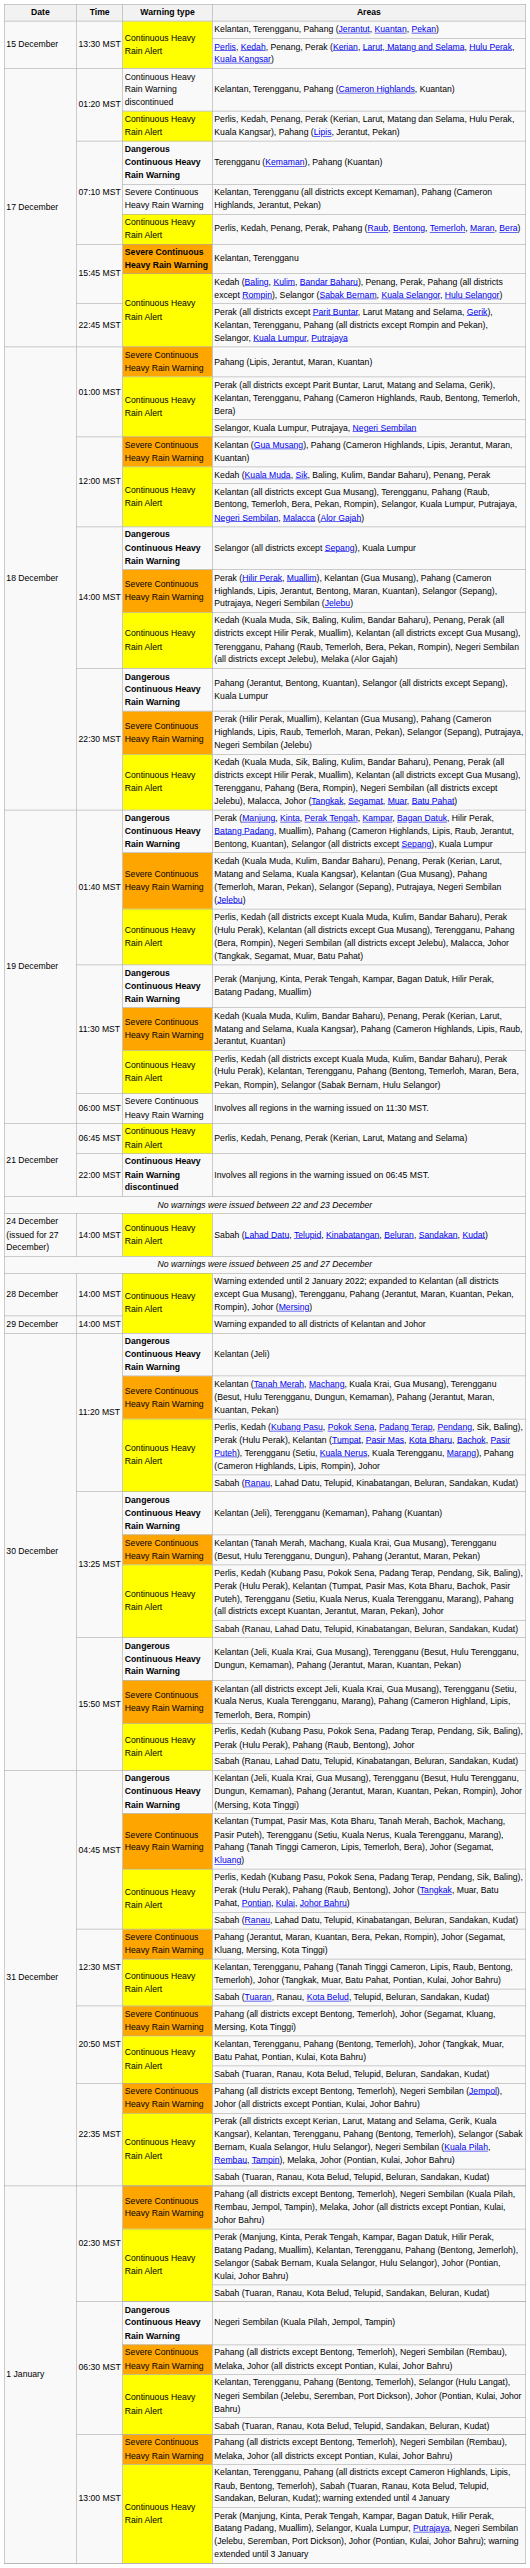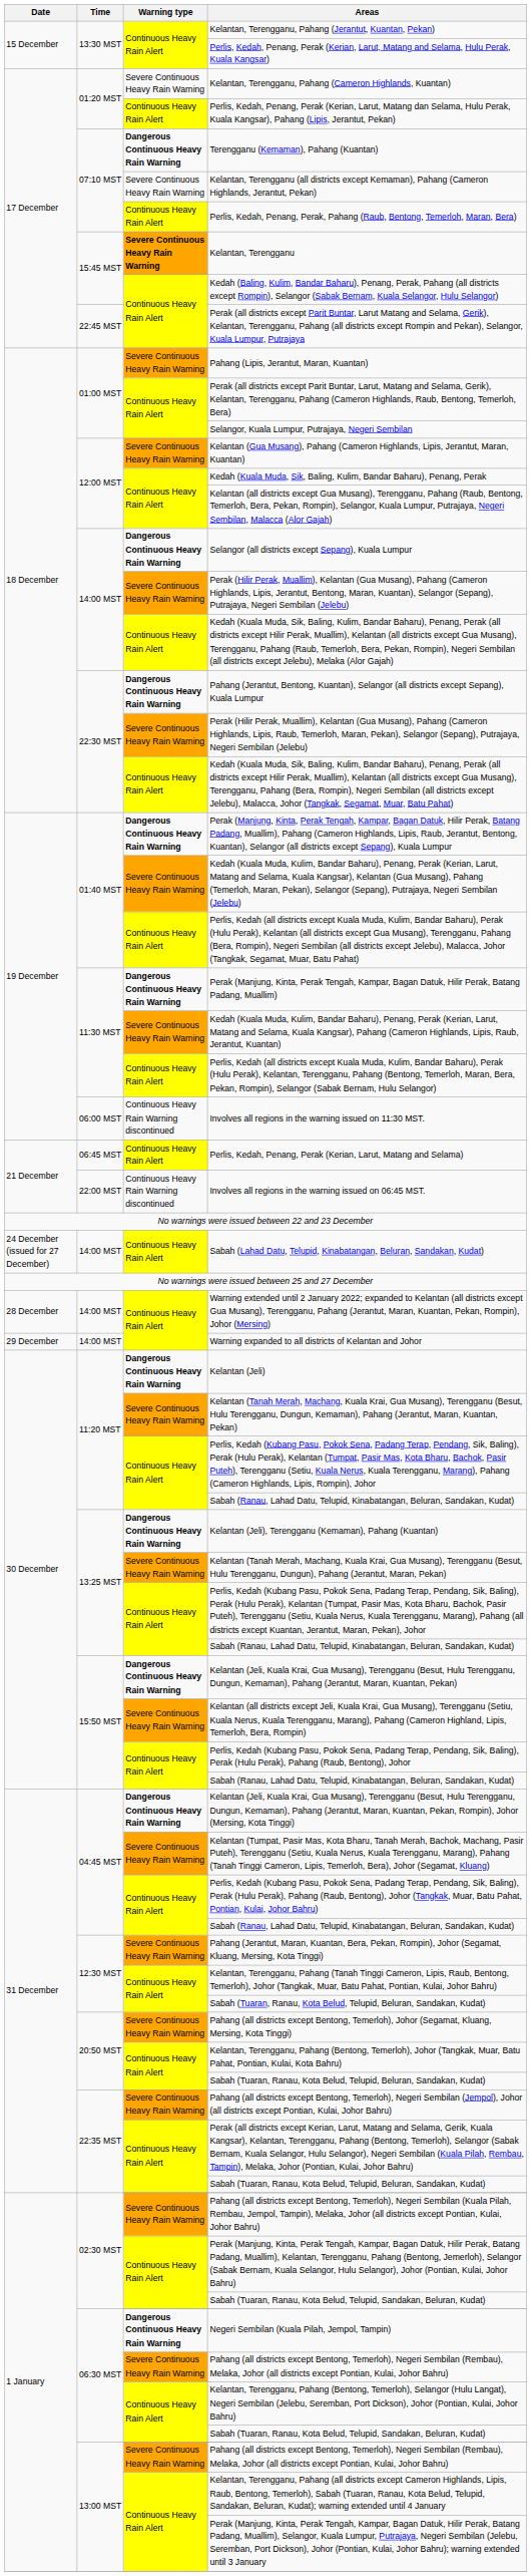 <table class="wikitable collapsible" style="text-align:left; line-height:1.5em; font-size:90% ">
 <tr>
 <th scope="col">Date</th>
 <th scope="col">Time</th>
 <th scope="col">Warning type</th>
 <th scope="col" style="text-align:center;">Areas</th>
 </tr>
 <tr>
 <td rowspan=2>15 December</td>
 <td rowspan=2>13:30 MST</td>
 <td rowspan="2" style="background-color:#FFFF00">Continuous Heavy Rain Alert</td>
 <td>Kelantan, Terengganu, Pahang (<a href='#'>Jerantut</a>, <a href='#'>Kuantan</a>, <a href='#'>Pekan</a>)</td>
 </tr>
 <tr>
 <td><a href='#'>Perlis</a>, <a href='#'>Kedah</a>, Penang, Perak (<a href='#'>Kerian</a>, <a href='#'>Larut, Matang and Selama</a>, <a href='#'>Hulu Perak</a>, <a href='#'>Kuala Kangsar</a>)</td>
 </tr>
 <tr>
 <td rowspan=8>17 December</td>
 <td rowspan=2>01:20 MST</td>
-<td style="background-color:#">Continuous Heavy Rain Warning discontinued</td>
+<td rowspan="1" style="background-color:#">Severe Continuous Heavy Rain Warning</td>
 <td>Kelantan, Terengganu, Pahang (<a href='#'>Cameron Highlands</a>, Kuantan)</td>
 </tr>
 <tr>
 <td rowspan="1" style="background-color:yellow">Continuous Heavy Rain Alert</td>
 <td>Perlis, Kedah, Penang, Perak (Kerian, Larut, Matang dan Selama, Hulu Perak, Kuala Kangsar), Pahang (<a href='#'>Lipis</a>, Jerantut, Pekan)</td>
 </tr>
 <tr>
 <td rowspan=3>07:10 MST</td>
 <td rowspan="1" style="background-color:#"><strong>Dangerous Continuous Heavy Rain Warning</strong></td>
 <td>Terengganu (<a href='#'>Kemaman</a>), Pahang (Kuantan)</td>
 </tr>
 <tr>
 <td rowspan="1" style="background-color:#">Severe Continuous Heavy Rain Warning</td>
 <td>Kelantan, Terengganu (all districts except Kemaman), Pahang (Cameron Highlands, Jerantut, Pekan)</td>
 </tr>
 <tr>
 <td rowspan="1" style="background-color:yellow">Continuous Heavy Rain Alert</td>
 <td>Perlis, Kedah, Penang, Perak, Pahang (<a href='#'>Raub</a>, <a href='#'>Bentong</a>, <a href='#'>Temerloh</a>, <a href='#'>Maran</a>, <a href='#'>Bera</a>)</td>
 </tr>
 <tr>
 <td rowspan=2>15:45 MST</td>
 <td rowspan="1" style="background-color:orange"><strong>Severe Continuous Heavy Rain Warning</strong></td>
 <td>Kelantan, Terengganu</td>
 </tr>
 <tr>
 <td rowspan="2" style="background-color:yellow">Continuous Heavy Rain Alert</td>
 <td>Kedah (<a href='#'>Baling</a>, <a href='#'>Kulim</a>, <a href='#'>Bandar Baharu</a>), Penang, Perak, Pahang (all districts except <a href='#'>Rompin</a>), Selangor (<a href='#'>Sabak Bernam</a>, <a href='#'>Kuala Selangor</a>, <a href='#'>Hulu Selangor</a>)</td>
 </tr>
 <tr>
 <td rowspan=1>22:45 MST</td>
 <td>Perak (all districts except <a href='#'>Parit Buntar</a>, Larut Matang and Selama, <a href='#'>Gerik</a>), Kelantan, Terengganu, Pahang (all districts except Rompin and Pekan), Selangor, <a href='#'>Kuala Lumpur</a>, <a href='#'>Putrajaya</a></td>
 </tr>
 <tr>
 <td rowspan=12>18 December</td>
 <td rowspan="3">01:00 MST</td>
 <td style="background-color:orange">Severe Continuous Heavy Rain Warning</td>
 <td>Pahang (Lipis, Jerantut, Maran, Kuantan)</td>
 </tr>
 <tr>
 <td rowspan="2" style="background-color:yellow">Continuous Heavy Rain Alert</td>
 <td>Perak (all districts except Parit Buntar, Larut, Matang and Selama, Gerik), Kelantan, Terengganu, Pahang (Cameron Highlands, Raub, Bentong, Temerloh, Bera)</td>
 </tr>
 <tr>
 <td>Selangor, Kuala Lumpur, Putrajaya, <a href='#'>Negeri Sembilan</a></td>
 </tr>
 <tr>
 <td rowspan="3">12:00 MST</td>
 <td style="background-color:orange">Severe Continuous Heavy Rain Warning</td>
 <td>Kelantan (<a href='#'>Gua Musang</a>), Pahang (Cameron Highlands, Lipis, Jerantut, Maran, Kuantan)</td>
 </tr>
 <tr>
 <td rowspan="2" style="background-color:yellow">Continuous Heavy Rain Alert</td>
 <td>Kedah (<a href='#'>Kuala Muda</a>, <a href='#'>Sik</a>, Baling, Kulim, Bandar Baharu), Penang, Perak</td>
 </tr>
 <tr>
 <td>Kelantan (all districts except Gua Musang), Terengganu, Pahang (Raub, Bentong, Temerloh, Bera, Pekan, Rompin), Selangor, Kuala Lumpur, Putrajaya, <a href='#'>Negeri Sembilan</a>, <a href='#'>Malacca</a> (<a href='#'>Alor Gajah</a>)</td>
 </tr>
 <tr>
 <td rowspan="3">14:00 MST</td>
 <td style="background-color:#"><strong>Dangerous Continuous Heavy Rain Warning</strong></td>
 <td>Selangor (all districts except <a href='#'>Sepang</a>), Kuala Lumpur</td>
 </tr>
 <tr>
 <td style="background-color:orange">Severe Continuous Heavy Rain Warning</td>
 <td>Perak (<a href='#'>Hilir Perak</a>, <a href='#'>Muallim</a>), Kelantan (Gua Musang), Pahang (Cameron Highlands, Lipis, Jerantut, Bentong, Maran, Kuantan), Selangor (Sepang), Putrajaya, Negeri Sembilan (<a href='#'>Jelebu</a>)</td>
 </tr>
 <tr>
 <td rowspan="1" style="background-color:yellow">Continuous Heavy Rain Alert</td>
 <td>Kedah (Kuala Muda, Sik, Baling, Kulim, Bandar Baharu), Penang, Perak (all districts except Hilir Perak, Muallim), Kelantan (all districts except Gua Musang), Terengganu, Pahang (Raub, Temerloh, Bera, Pekan, Rompin), Negeri Sembilan (all districts except Jelebu), Melaka (Alor Gajah)</td>
 </tr>
 <tr>
 <td rowspan="3">22:30 MST</td>
 <td style="background-color:#"><strong>Dangerous Continuous Heavy Rain Warning</strong></td>
 <td>Pahang (Jerantut, Bentong, Kuantan), Selangor (all districts except Sepang), Kuala Lumpur</td>
 </tr>
 <tr>
 <td style="background-color:orange">Severe Continuous Heavy Rain Warning</td>
 <td>Perak (Hilir Perak, Muallim), Kelantan (Gua Musang), Pahang (Cameron Highlands, Lipis, Raub, Temerloh, Maran, Pekan), Selangor (Sepang), Putrajaya, Negeri Sembilan (Jelebu)</td>
 </tr>
 <tr>
 <td rowspan="1" style="background-color:yellow">Continuous Heavy Rain Alert</td>
 <td>Kedah (Kuala Muda, Sik, Baling, Kulim, Bandar Baharu), Penang, Perak (all districts except Hilir Perak, Muallim), Kelantan (all districts except Gua Musang), Terengganu, Pahang (Bera, Rompin), Negeri Sembilan (all districts except Jelebu), Malacca, Johor (<a href='#'>Tangkak</a>, <a href='#'>Segamat</a>, <a href='#'>Muar</a>, <a href='#'>Batu Pahat</a>)</td>
 </tr>
 <tr>
 <td rowspan=7>19 December</td>
 <td rowspan="3">01:40 MST</td>
 <td style="background-color:#"><strong>Dangerous Continuous Heavy Rain Warning</strong></td>
 <td>Perak (<a href='#'>Manjung</a>, <a href='#'>Kinta</a>, <a href='#'>Perak Tengah</a>, <a href='#'>Kampar</a>, <a href='#'>Bagan Datuk</a>, Hilir Perak, <a href='#'>Batang Padang</a>, Muallim), Pahang (Cameron Highlands, Lipis, Raub, Jerantut, Bentong, Kuantan), Selangor (all districts except <a href='#'>Sepang</a>), Kuala Lumpur</td>
 </tr>
 <tr>
 <td style="background-color:orange">Severe Continuous Heavy Rain Warning</td>
 <td>Kedah (Kuala Muda, Kulim, Bandar Baharu), Penang, Perak (Kerian, Larut, Matang and Selama, Kuala Kangsar), Kelantan (Gua Musang), Pahang (Temerloh, Maran, Pekan), Selangor (Sepang), Putrajaya, Negeri Sembilan (<a href='#'>Jelebu</a>)</td>
 </tr>
 <tr>
 <td rowspan="1" style="background-color:yellow">Continuous Heavy Rain Alert</td>
 <td>Perlis, Kedah (all districts except Kuala Muda, Kulim, Bandar Baharu), Perak (Hulu Perak), Kelantan (all districts except Gua Musang), Terengganu, Pahang (Bera, Rompin), Negeri Sembilan (all districts except Jelebu), Malacca, Johor (Tangkak, Segamat, Muar, Batu Pahat)</td>
 </tr>
 <tr>
 <td rowspan="3">11:30 MST</td>
 <td style="background-color:#"><strong>Dangerous Continuous Heavy Rain Warning</strong></td>
 <td>Perak (Manjung, Kinta, Perak Tengah, Kampar, Bagan Datuk, Hilir Perak, Batang Padang, Muallim)</td>
 </tr>
 <tr>
 <td style="background-color:orange">Severe Continuous Heavy Rain Warning</td>
 <td>Kedah (Kuala Muda, Kulim, Bandar Baharu), Penang, Perak (Kerian, Larut, Matang and Selama, Kuala Kangsar), Pahang (Cameron Highlands, Lipis, Raub, Jerantut, Kuantan)</td>
 </tr>
 <tr>
 <td rowspan="1" style="background-color:yellow">Continuous Heavy Rain Alert</td>
 <td>Perlis, Kedah (all districts except Kuala Muda, Kulim, Bandar Baharu), Perak (Hulu Perak), Kelantan, Terengganu, Pahang (Bentong, Temerloh, Maran, Bera, Pekan, Rompin), Selangor (Sabak Bernam, Hulu Selangor)</td>
 </tr>
 <tr>
 <td rowspan="1">06:00 MST</td>
-<td rowspan="1" style="background-color:#">Severe Continuous Heavy Rain Warning</td>
+<td style="background-color:#">Continuous Heavy Rain Warning discontinued</td>
 <td>Involves all regions in the warning issued on 11:30 MST.</td>
 </tr>
 <tr>
 <td rowspan=2>21 December</td>
 <td rowspan="1">06:45 MST</td>
 <td style="background-color:yellow">Continuous Heavy Rain Alert</td>
 <td>Perlis, Kedah, Penang, Perak (Kerian, Larut, Matang and Selama)</td>
 </tr>
 <tr>
 <td rowspan="1">22:00 MST</td>
-<td style="background-color:#"><strong>Continuous Heavy Rain Warning discontinued</strong></td>
+<td style="background-color:#">Continuous Heavy Rain Warning discontinued</td>
 <td>Involves all regions in the warning issued on 06:45 MST.</td>
 </tr>
 <tr>
 <td colspan=4 style="text-align: center;"><em>No warnings were issued between 22 and 23 December</em></td>
 </tr>
 <tr>
 <td rowspan=1>24 December (issued for 27 December)</td>
 <td rowspan="1">14:00 MST</td>
 <td style="background-color:yellow">Continuous Heavy Rain Alert</td>
 <td>Sabah (<a href='#'>Lahad Datu</a>, <a href='#'>Telupid</a>, <a href='#'>Kinabatangan</a>, <a href='#'>Beluran</a>, <a href='#'>Sandakan</a>, <a href='#'>Kudat</a>)</td>
 </tr>
 <tr>
 <td colspan=4 style="text-align: center;"><em>No warnings were issued between 25 and 27 December</em></td>
 </tr>
 <tr>
 <td rowspan=1>28 December</td>
 <td rowspan="1">14:00 MST</td>
 <td rowspan=2 style="background-color:yellow">Continuous Heavy Rain Alert</td>
 <td>Warning extended until 2 January 2022; expanded to Kelantan (all districts except Gua Musang), Terengganu, Pahang (Jerantut, Maran, Kuantan, Pekan, Rompin), Johor (<a href='#'>Mersing</a>)</td>
 </tr>
 <tr>
 <td rowspan=1>29 December</td>
 <td rowspan="1">14:00 MST</td>
 <td>Warning expanded to all districts of Kelantan and Johor</td>
 </tr>
 <tr>
 <td rowspan=12>30 December</td>
 <td rowspan=4>11:20 MST</td>
 <td rowspan=1 style="background-color:#"><strong>Dangerous Continuous Heavy Rain Warning</strong></td>
 <td>Kelantan (Jeli)</td>
 </tr>
 <tr>
 <td rowspan=1 style="background-color:orange">Severe Continuous Heavy Rain Warning</td>
 <td>Kelantan (<a href='#'>Tanah Merah</a>, <a href='#'>Machang</a>, Kuala Krai, Gua Musang), Terengganu (Besut, Hulu Terengganu, Dungun, Kemaman), Pahang (Jerantut, Maran, Kuantan, Pekan)</td>
 </tr>
 <tr>
 <td rowspan=2 style="background-color:yellow">Continuous Heavy Rain Alert</td>
 <td>Perlis, Kedah (<a href='#'>Kubang Pasu</a>, <a href='#'>Pokok Sena</a>, <a href='#'>Padang Terap</a>, <a href='#'>Pendang</a>, Sik, Baling), Perak (Hulu Perak), Kelantan (<a href='#'>Tumpat</a>, <a href='#'>Pasir Mas</a>, <a href='#'>Kota Bharu</a>, <a href='#'>Bachok</a>, <a href='#'>Pasir Puteh</a>), Terengganu (Setiu, <a href='#'>Kuala Nerus</a>, Kuala Terengganu, <a href='#'>Marang</a>), Pahang (Cameron Highlands, Lipis, Rompin), Johor</td>
 </tr>
 <tr>
 <td>Sabah (<a href='#'>Ranau</a>, Lahad Datu, Telupid, Kinabatangan, Beluran, Sandakan, Kudat)</td>
 </tr>
 <tr>
 <td rowspan=4>13:25 MST</td>
 <td rowspan=1 style="background-color:#"><strong>Dangerous Continuous Heavy Rain Warning</strong></td>
 <td>Kelantan (Jeli), Terengganu (Kemaman), Pahang (Kuantan)</td>
 </tr>
 <tr>
 <td rowspan=1 style="background-color:orange">Severe Continuous Heavy Rain Warning</td>
 <td>Kelantan (Tanah Merah, Machang, Kuala Krai, Gua Musang), Terengganu (Besut, Hulu Terengganu, Dungun), Pahang (Jerantut, Maran, Pekan)</td>
 </tr>
 <tr>
 <td rowspan=2 style="background-color:yellow">Continuous Heavy Rain Alert</td>
 <td>Perlis, Kedah (Kubang Pasu, Pokok Sena, Padang Terap, Pendang, Sik, Baling), Perak (Hulu Perak), Kelantan (Tumpat, Pasir Mas, Kota Bharu, Bachok, Pasir Puteh), Terengganu (Setiu, Kuala Nerus, Kuala Terengganu, Marang), Pahang (all districts except Kuantan, Jerantut, Maran, Pekan), Johor</td>
 </tr>
 <tr>
 <td>Sabah (Ranau, Lahad Datu, Telupid, Kinabatangan, Beluran, Sandakan, Kudat)</td>
 </tr>
 <tr>
 <td rowspan=4>15:50 MST</td>
 <td rowspan=1 style="background-color:#"><strong>Dangerous Continuous Heavy Rain Warning</strong></td>
 <td>Kelantan (Jeli, Kuala Krai, Gua Musang), Terengganu (Besut, Hulu Terengganu, Dungun, Kemaman), Pahang (Jerantut, Maran, Kuantan, Pekan)</td>
 </tr>
 <tr>
 <td rowspan=1 style="background-color:orange">Severe Continuous Heavy Rain Warning</td>
 <td>Kelantan (all districts except Jeli, Kuala Krai, Gua Musang), Terengganu (Setiu, Kuala Nerus, Kuala Terengganu, Marang), Pahang (Cameron Highland, Lipis, Temerloh, Bera, Rompin)</td>
 </tr>
 <tr>
 <td rowspan=2 style="background-color:yellow">Continuous Heavy Rain Alert</td>
 <td>Perlis, Kedah (Kubang Pasu, Pokok Sena, Padang Terap, Pendang, Sik, Baling), Perak (Hulu Perak), Pahang (Raub, Bentong), Johor</td>
 </tr>
 <tr>
 <td>Sabah (Ranau, Lahad Datu, Telupid, Kinabatangan, Beluran, Sandakan, Kudat)</td>
 </tr>
 <tr>
 <td rowspan=13>31 December</td>
 <td rowspan=4>04:45 MST</td>
 <td rowspan=1 style="background-color:#"><strong>Dangerous Continuous Heavy Rain Warning</strong></td>
 <td>Kelantan (Jeli, Kuala Krai, Gua Musang), Terengganu (Besut, Hulu Terengganu, Dungun, Kemaman), Pahang (Jerantut, Maran, Kuantan, Pekan, Rompin), Johor (Mersing, Kota Tinggi)</td>
 </tr>
 <tr>
 <td rowspan=1 style="background-color:orange">Severe Continuous Heavy Rain Warning</td>
 <td>Kelantan (Tumpat, Pasir Mas, Kota Bharu, Tanah Merah, Bachok, Machang, Pasir Puteh), Terengganu (Setiu, Kuala Nerus, Kuala Terengganu, Marang), Pahang (Tanah Tinggi Cameron, Lipis, Temerloh, Bera), Johor (Segamat, <a href='#'>Kluang</a>)</td>
 </tr>
 <tr>
 <td rowspan=2 style="background-color:yellow">Continuous Heavy Rain Alert</td>
 <td>Perlis, Kedah (Kubang Pasu, Pokok Sena, Padang Terap, Pendang, Sik, Baling), Perak (Hulu Perak), Pahang (Raub, Bentong), Johor (<a href='#'>Tangkak</a>, Muar, Batu Pahat, <a href='#'>Pontian</a>, <a href='#'>Kulai</a>, <a href='#'>Johor Bahru</a>)</td>
 </tr>
 <tr>
 <td>Sabah (<a href='#'>Ranau</a>, Lahad Datu, Telupid, Kinabatangan, Beluran, Sandakan, Kudat)</td>
 </tr>
 <tr>
 <td rowspan=3>12:30 MST</td>
 <td rowspan=1 style="background-color:orange">Severe Continuous Heavy Rain Warning</td>
 <td>Pahang (Jerantut, Maran, Kuantan, Bera, Pekan, Rompin), Johor (Segamat, Kluang, Mersing, Kota Tinggi)</td>
 </tr>
 <tr>
 <td rowspan=2 style="background-color:yellow">Continuous Heavy Rain Alert</td>
 <td>Kelantan, Terengganu, Pahang (Tanah Tinggi Cameron, Lipis, Raub, Bentong, Temerloh), Johor (Tangkak, Muar, Batu Pahat, Pontian, Kulai, Johor Bahru)</td>
 </tr>
 <tr>
 <td>Sabah (<a href='#'>Tuaran</a>, Ranau, <a href='#'>Kota Belud</a>, Telupid, Beluran, Sandakan, Kudat)</td>
 </tr>
 <tr>
 <td rowspan=3>20:50 MST</td>
 <td rowspan=1 style="background-color:orange">Severe Continuous Heavy Rain Warning</td>
 <td>Pahang (all districts except Bentong, Temerloh), Johor (Segamat, Kluang, Mersing, Kota Tinggi)</td>
 </tr>
 <tr>
 <td rowspan=2 style="background-color:yellow">Continuous Heavy Rain Alert</td>
 <td>Kelantan, Terengganu, Pahang (Bentong, Temerloh), Johor (Tangkak, Muar, Batu Pahat, Pontian, Kulai, Kota Bahru)</td>
 </tr>
 <tr>
 <td>Sabah (Tuaran, Ranau, Kota Belud, Telupid, Beluran, Sandakan, Kudat)</td>
 </tr>
 <tr>
 <td rowspan=3>22:35 MST</td>
 <td rowspan=1 style="background-color:orange">Severe Continuous Heavy Rain Warning</td>
 <td>Pahang (all districts except Bentong, Temerloh), Negeri Sembilan (<a href='#'>Jempol</a>), Johor (all districts except Pontian, Kulai, Johor Bahru)</td>
 </tr>
 <tr>
 <td rowspan=2 style="background-color:yellow">Continuous Heavy Rain Alert</td>
 <td>Perak (all districts except Kerian, Larut, Matang and Selama, Gerik, Kuala Kangsar), Kelantan, Terengganu, Pahang (Bentong, Temerloh), Selangor (Sabak Bernam, Kuala Selangor, Hulu Selangor), Negeri Sembilan (<a href='#'>Kuala Pilah</a>, <a href='#'>Rembau</a>, <a href='#'>Tampin</a>), Melaka, Johor (Pontian, Kulai, Johor Bahru)</td>
 </tr>
 <tr>
 <td>Sabah (Tuaran, Ranau, Kota Belud, Telupid, Beluran, Sandakan, Kudat)</td>
 </tr>
 <tr>
 <td rowspan=13>1 January</td>
 <td rowspan=4>02:30 MST</td>
 </tr>
 <tr>
 <td rowspan=1 style="background-color:orange">Severe Continuous Heavy Rain Warning</td>
 <td>Pahang (all districts except Bentong, Temerloh), Negeri Sembilan (Kuala Pilah, Rembau, Jempol, Tampin), Melaka, Johor (all districts except Pontian, Kulai, Johor Bahru)</td>
 </tr>
 <tr>
 <td rowspan=2 style="background-color:yellow">Continuous Heavy Rain Alert</td>
 <td>Perak (Manjung, Kinta, Perak Tengah, Kampar, Bagan Datuk, Hilir Perak, Batang Padang, Muallim), Kelantan, Terengganu, Pahang (Bentong, Jemerloh), Selangor (Sabak Bernam, Kuala Selangor, Hulu Selangor), Johor (Pontian, Kulai, Johor Bahru)</td>
 </tr>
 <tr>
 <td>Sabah (Tuaran, Ranau, Kota Belud, Telupid, Sandakan, Beluran, Kudat)</td>
 </tr>
 <tr>
 <td rowspan=5>06:30 MST</td>
 </tr>
 <tr>
 <td rowspan=1 style="background-color:#"><strong>Dangerous Continuous Heavy Rain Warning</strong></td>
 <td>Negeri Sembilan (Kuala Pilah, Jempol, Tampin)</td>
 </tr>
 <tr>
 <td rowspan=1 style="background-color:orange">Severe Continuous Heavy Rain Warning</td>
 <td>Pahang (all districts except Bentong, Temerloh), Negeri Sembilan (Rembau), Melaka, Johor (all districts except Pontian, Kulai, Johor Bahru)</td>
 </tr>
 <tr>
 <td rowspan=2 style="background-color:yellow">Continuous Heavy Rain Alert</td>
 <td>Kelantan, Terengganu, Pahang (Bentong, Temerloh), Selangor (Hulu Langat), Negeri Sembilan (Jelebu, Seremban, Port Dickson), Johor (Pontian, Kulai, Johor Bahru)</td>
 </tr>
 <tr>
 <td>Sabah (Tuaran, Ranau, Kota Belud, Telupid, Sandakan, Beluran, Kudat)</td>
 </tr>
 <tr>
 <td rowspan=4>13:00 MST</td>
 </tr>
 <tr>
 <td rowspan=1 style="background-color:orange">Severe Continuous Heavy Rain Warning</td>
 <td>Pahang (all districts except Bentong, Temerloh), Negeri Sembilan (Rembau), Melaka, Johor (all districts except Pontian, Kulai, Johor Bahru)</td>
 </tr>
 <tr>
 <td rowspan=2 style="background-color:yellow">Continuous Heavy Rain Alert</td>
 <td>Kelantan, Terengganu, Pahang (all districts except Cameron Highlands, Lipis, Raub, Bentong, Temerloh), Sabah (Tuaran, Ranau, Kota Belud, Telupid, Sandakan, Beluran, Kudat); warning extended until 4 January</td>
 </tr>
 <tr>
 <td>Perak (Manjung, Kinta, Perak Tengah, Kampar, Bagan Datuk, Hilir Perak, Batang Padang, Muallim), Selangor, Kuala Lumpur, <a href='#'>Putrajaya</a>, Negeri Sembilan (Jelebu, Seremban, Port Dickson), Johor (Pontian, Kulai, Johor Bahru); warning extended until 3 January</td>
 </tr>
 <tr>
 </tr>
 </table>
